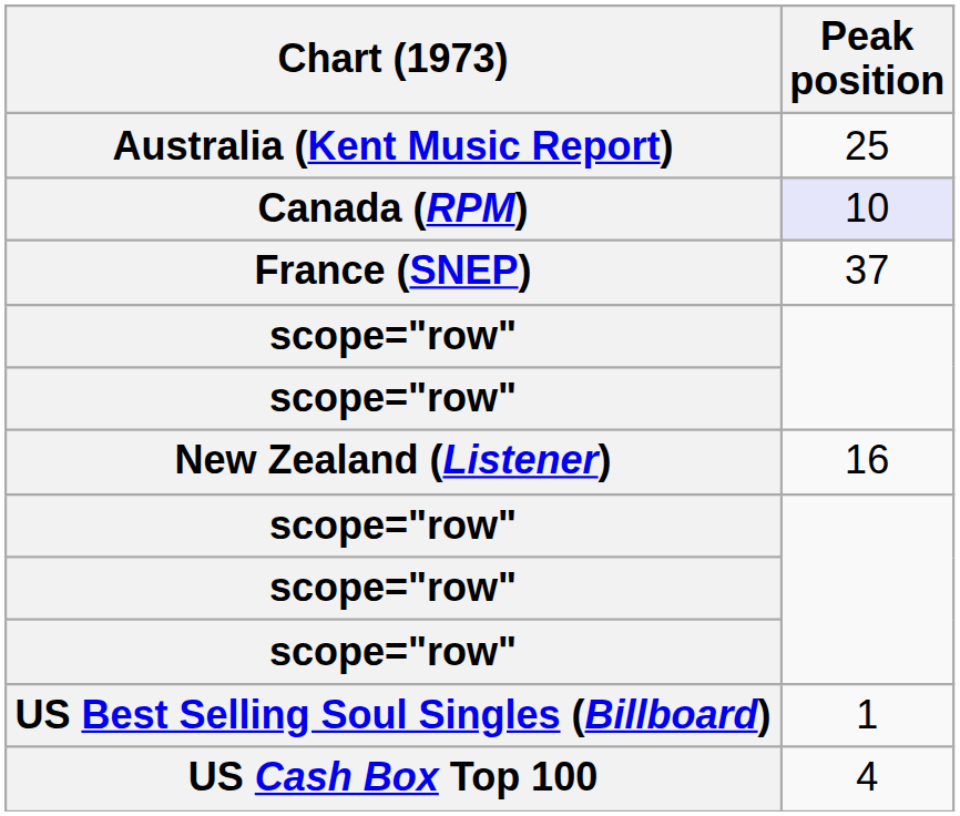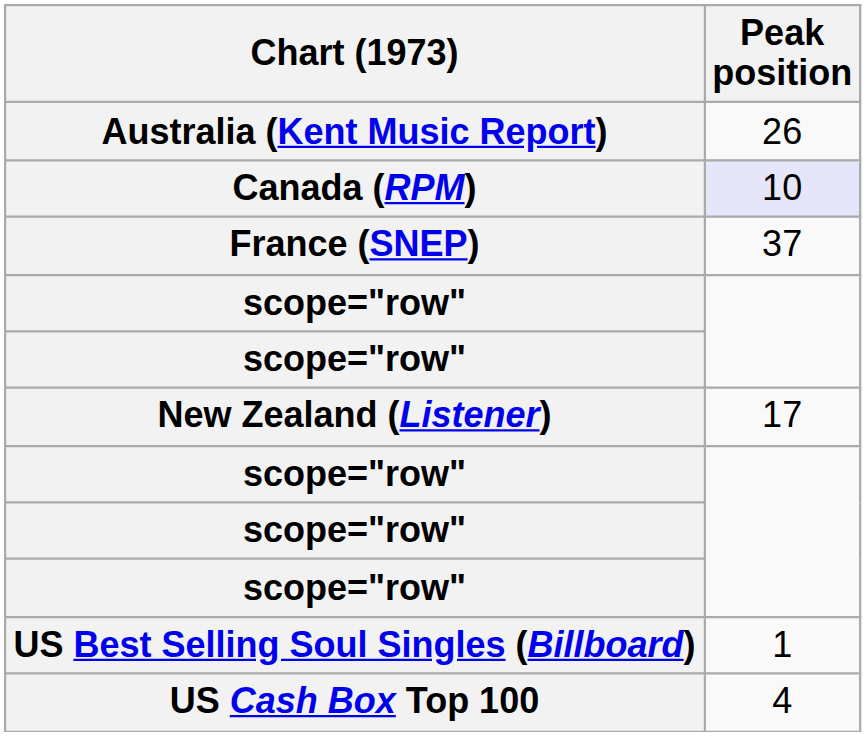 <table class="wikitable sortable plainrowheaders" style="text-align:center;">
 <tr>
 <th scope="col">Chart (1973)</th>
 <th scope="col">Peak<br>position</th>
 </tr>
 <tr>
 <th scope="row">Australia (<a href='#'>Kent Music Report</a>)</th>
-<td>25</td>
+<td>26</td>
 </tr>
 <tr>
 <th scope="row">Canada (<a href='#'><em>RPM</em></a>)</th>
 <td style="background: lavender;">10</td>
 </tr>
 <tr>
 <th scope="row">France (<a href='#'>SNEP</a>)</th>
 <td>37</td>
 </tr>
 <tr>
 <th>scope="row" </th>
 </tr>
 <tr>
 <th>scope="row" </th>
 </tr>
 <tr>
 <th scope="row">New Zealand (<em><a href='#'>Listener</a></em>)</th>
-<td style="text-align:center;">16</td>
+<td style="text-align:center;">17</td>
 </tr>
 <tr>
 <th>scope="row" </th>
 </tr>
 <tr>
 <th>scope="row" </th>
 </tr>
 <tr>
 <th>scope="row" </th>
 </tr>
 <tr>
 <th scope="row">US <a href='#'>Best Selling Soul Singles</a> (<a href='#'><em>Billboard</em></a>)</th>
 <td>1</td>
 </tr>
 <tr>
 <th scope="row">US <a href='#'><em>Cash Box</em></a> Top 100</th>
 <td align="center">4</td>
 </tr>
 </table>
